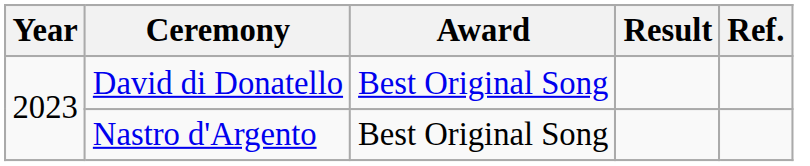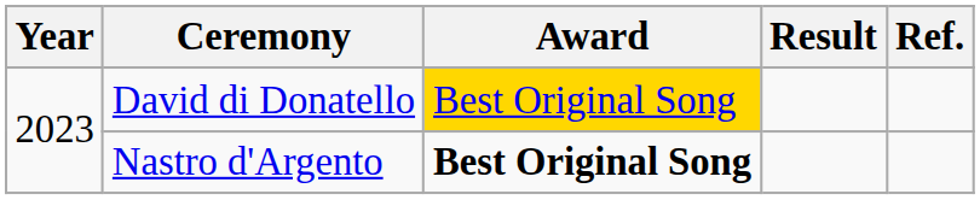 <table class="wikitable plainrowheaders">
 <tr>
 <th scope="col">Year</th>
 <th scope="col">Ceremony</th>
 <th scope="col">Award</th>
 <th scope="col">Result</th>
 <th scope="col">Ref.</th>
 </tr>
 <tr>
 <td rowspan=3>2023</td>
 <td><a href='#'>David di Donatello</a></td>
-<td><a href='#'>Best Original Song</a></td>
+<td style="background: gold;"><a href='#'>Best Original Song</a></td>
 <td></td>
 <td></td>
 </tr>
 <tr>
 <td><a href='#'>Nastro d'Argento</a></td>
-<td>Best Original Song</td>
+<td><strong>Best Original Song</strong></td>
 <td></td>
 <td></td>
 </tr>
 </table>
